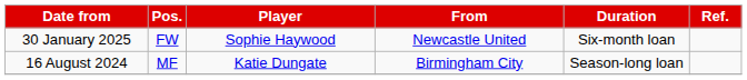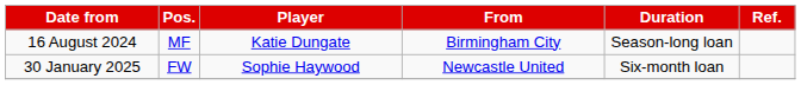 <table class="wikitable" style="text-align:center;">
 <tr>
 <th style="background:#DD0000; color:#FFFFFF; width:150px;">Date from</th>
 <th style="background:#DD0000; color:#FFFFFF; width:20px;">Pos.</th>
 <th style="background:#DD0000; color:#FFFFFF; width:200px;">Player</th>
 <th style="background:#DD0000; color:#FFFFFF; width:200px;">From</th>
 <th style="background:#DD0000; color:#FFFFFF; width:130px;">Duration</th>
 <th style="background:#DD0000; color:#FFFFFF; width:50px;">Ref.</th>
 </tr>
 <tr>
+<td>16 August 2024</td>
+<td><a href='#'>MF</a></td>
+<td><a href='#'>Katie Dungate</a></td>
+<td><a href='#'>Birmingham City</a></td>
+<td>Season-long loan</td>
+<td></td>
+</tr>
+<tr>
 <td>30 January 2025</td>
 <td><a href='#'>FW</a></td>
 <td><a href='#'>Sophie Haywood</a></td>
 <td><a href='#'>Newcastle United</a></td>
 <td>Six-month loan</td>
 <td></td>
 </tr>
 <tr>
-<td>16 August 2024</td>
-<td><a href='#'>MF</a></td>
-<td><a href='#'>Katie Dungate</a></td>
-<td><a href='#'>Birmingham City</a></td>
-<td>Season-long loan</td>
-<td></td>
-</tr>
-<tr>
 </tr>
 </table>
